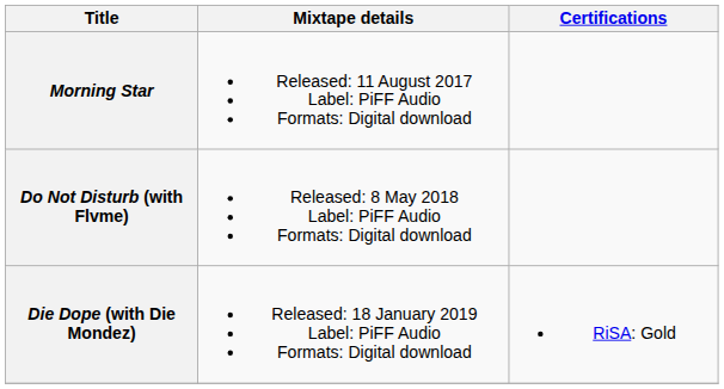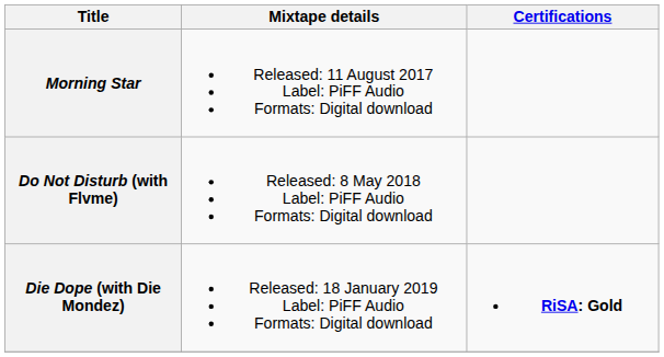 <table class="wikitable plainrowheaders" style="text-align:center;">
 <tr>
 <th scope="col" style="width:11em;">Title</th>
 <th scope="col" style="width:18em;">Mixtape details</th>
 <th scope="col" style="width:12em;"><a href='#'>Certifications</a></th>
 </tr>
 <tr>
 <th scope="row"><em>Morning Star</em></th>
 <td><br><ul><li>Released: 11 August 2017</li><li>Label: PiFF Audio</li><li>Formats: Digital download</li></ul></td>
 <td></td>
 </tr>
 <tr>
 <th scope="row"><em>Do Not Disturb</em> (with Flvme)</th>
 <td><br><ul><li>Released: 8 May 2018</li><li>Label: PiFF Audio</li><li>Formats: Digital download</li></ul></td>
 <td></td>
 </tr>
 <tr>
 <th scope="row"><em>Die Dope</em> (with Die Mondez)</th>
 <td><br><ul><li>Released: 18 January 2019</li><li>Label: PiFF Audio</li><li>Formats: Digital download</li></ul></td>
-<td><br><ul><li><a href='#'>RiSA</a>: Gold</li></ul></td>
+<td><strong><br><ul><li><a href='#'>RiSA</a>: Gold</li></ul></strong></td>
 </tr>
 <tr>
 </tr>
 </table>
